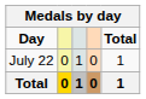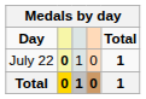 <table class="wikitable" style="font-size:85%; float:right">
 <tr align=center>
 <th colspan=7><strong>Medals by day</strong></th>
 </tr>
 <tr align=center>
 <td><strong>Day</strong></td>
 <td style="background:#f7f6a8;"></td>
 <td style="background:#dce5e5;"></td>
 <td style="background:#ffdab9;"></td>
 <td><strong>Total</strong></td>
 </tr>
 <tr align=center>
 <td>July 22</td>
-<td style="background:#f7f6a8;">0</td>
+<td style="background:#f7f6a8;"><strong>0</strong></td>
 <td style="background:#dce5e5;">1</td>
 <td style="background:#ffdab9;">0</td>
-<td>1</td>
+<td><strong>1</strong></td>
 </tr>
 <tr align=center>
 <th><strong>Total</strong></th>
 <th style="background:gold;"><strong>0</strong></th>
 <th style="background:silver;"><strong>1</strong></th>
 <th style="background:#c96;"><strong>0</strong></th>
 <th><strong>1</strong></th>
 </tr>
 </table>
